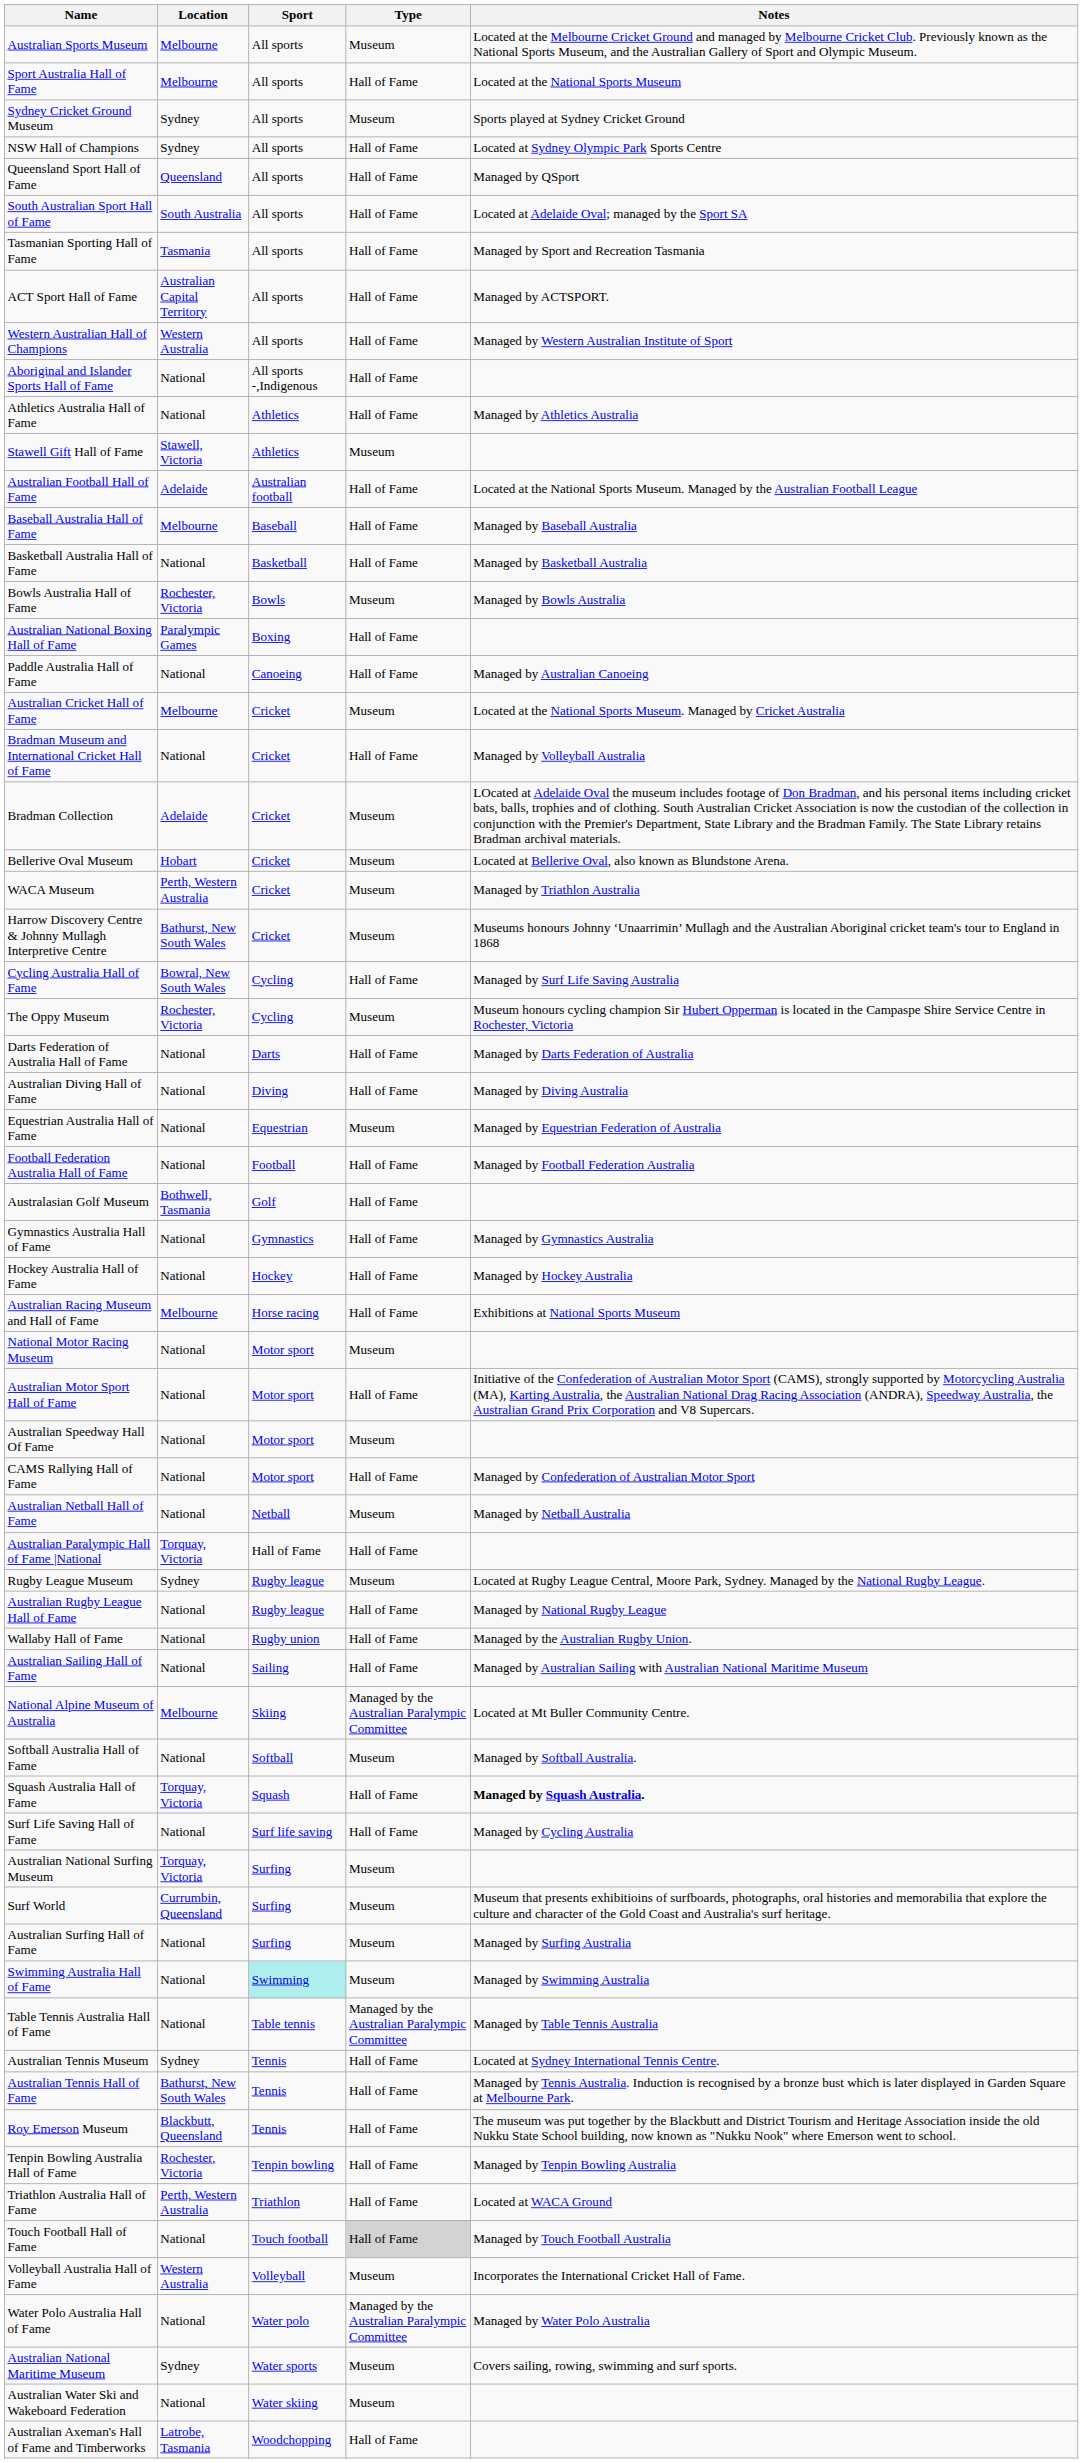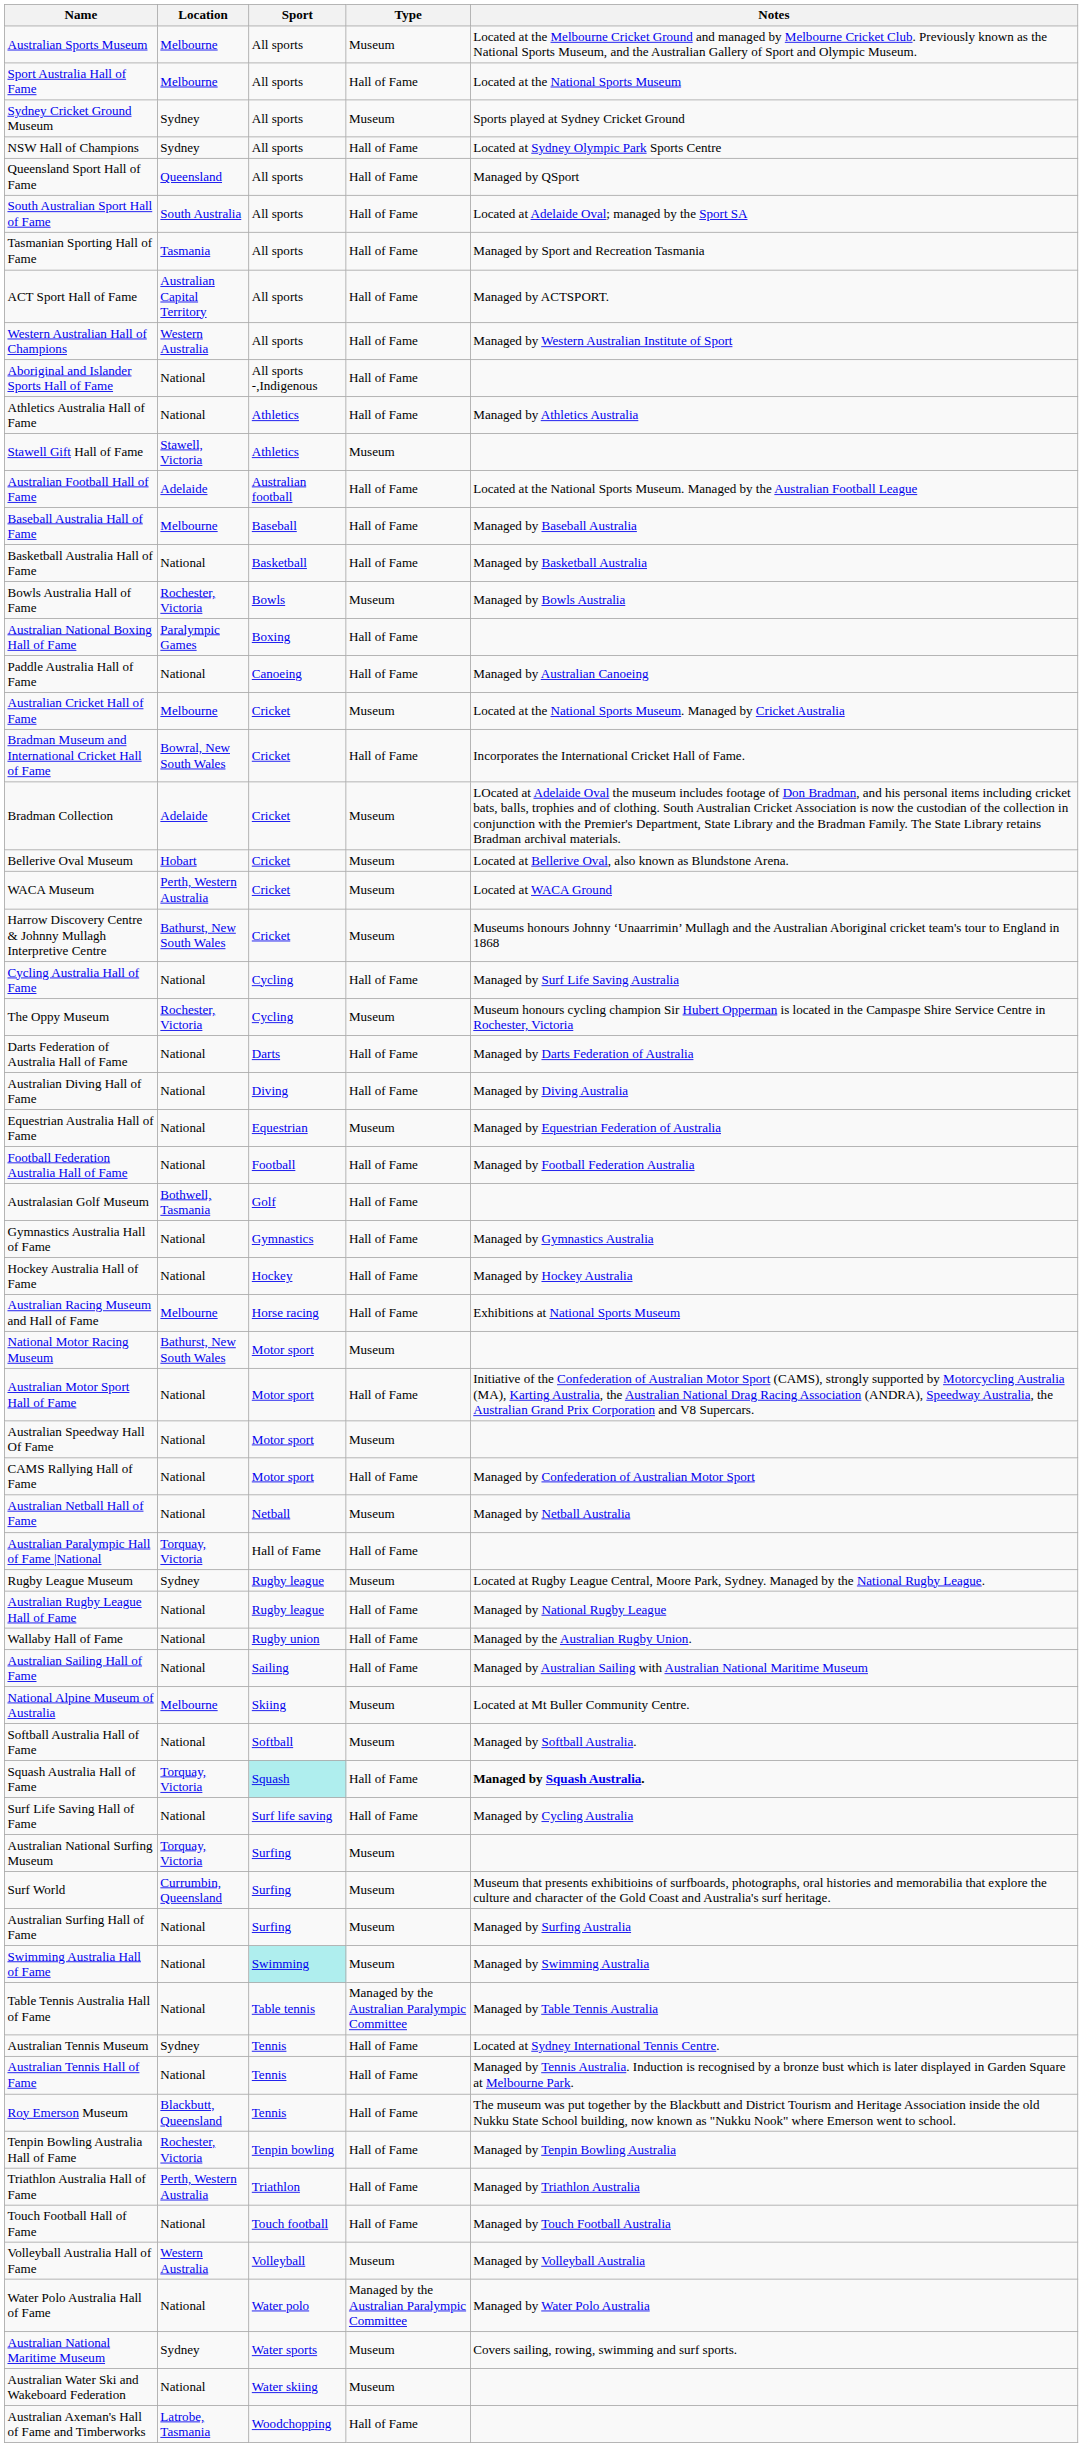 <table class="wikitable sortable" style="font-size:95%;">
 <tr>
 <th>Name</th>
 <th>Location</th>
 <th>Sport</th>
 <th>Type</th>
 <th>Notes</th>
 </tr>
 <tr>
 <td><a href='#'>Australian Sports Museum</a></td>
 <td><a href='#'>Melbourne</a></td>
 <td>All sports</td>
 <td>Museum</td>
 <td>Located at the <a href='#'>Melbourne Cricket Ground</a> and managed by <a href='#'>Melbourne Cricket Club</a>. Previously known as the National Sports Museum, and the Australian Gallery of Sport and Olympic Museum.</td>
 </tr>
 <tr>
 <td><a href='#'>Sport Australia Hall of Fame</a></td>
 <td><a href='#'>Melbourne</a></td>
 <td>All sports</td>
 <td>Hall of Fame</td>
 <td>Located at the <a href='#'>National Sports Museum</a></td>
 </tr>
 <tr>
 <td><a href='#'>Sydney Cricket Ground</a> Museum</td>
 <td>Sydney</td>
 <td>All sports</td>
 <td>Museum</td>
 <td>Sports played at Sydney Cricket Ground</td>
 </tr>
 <tr>
 <td>NSW Hall of Champions</td>
 <td>Sydney</td>
 <td>All sports</td>
 <td>Hall of Fame</td>
 <td>Located at <a href='#'>Sydney Olympic Park</a> Sports Centre</td>
 </tr>
 <tr>
 <td>Queensland Sport Hall of Fame</td>
 <td><a href='#'>Queensland</a></td>
 <td>All sports</td>
 <td>Hall of Fame</td>
 <td>Managed by QSport</td>
 </tr>
 <tr>
 <td><a href='#'>South Australian Sport Hall of Fame</a></td>
 <td><a href='#'>South Australia</a></td>
 <td>All sports</td>
 <td>Hall of Fame</td>
 <td>Located at <a href='#'>Adelaide Oval</a>; managed by the <a href='#'>Sport SA</a></td>
 </tr>
 <tr>
 <td>Tasmanian Sporting Hall of Fame</td>
 <td><a href='#'>Tasmania</a></td>
 <td>All sports</td>
 <td>Hall of Fame</td>
 <td>Managed by Sport and Recreation Tasmania</td>
 </tr>
 <tr>
 <td>ACT Sport Hall of Fame</td>
 <td><a href='#'>Australian Capital Territory</a></td>
 <td>All sports</td>
 <td>Hall of Fame</td>
 <td>Managed by ACTSPORT.</td>
 </tr>
 <tr>
 <td><a href='#'>Western Australian Hall of Champions</a></td>
 <td><a href='#'>Western Australia</a></td>
 <td>All sports</td>
 <td>Hall of Fame</td>
 <td>Managed by <a href='#'>Western Australian Institute of Sport</a></td>
 </tr>
 <tr>
 <td><a href='#'>Aboriginal and Islander Sports Hall of Fame</a></td>
 <td>National</td>
 <td>All sports -,Indigenous</td>
 <td>Hall of Fame</td>
 <td></td>
 </tr>
 <tr>
 <td>Athletics Australia Hall of Fame</td>
 <td>National</td>
 <td><a href='#'>Athletics</a></td>
 <td>Hall of Fame</td>
 <td>Managed by <a href='#'>Athletics Australia</a></td>
 </tr>
 <tr>
 <td><a href='#'>Stawell Gift</a> Hall of Fame</td>
 <td><a href='#'>Stawell, Victoria</a></td>
 <td><a href='#'>Athletics</a></td>
 <td>Museum</td>
 <td></td>
 </tr>
 <tr>
 <td><a href='#'>Australian Football Hall of Fame</a></td>
 <td><a href='#'>Adelaide</a></td>
 <td><a href='#'>Australian football</a></td>
 <td>Hall of Fame</td>
 <td>Located at the National Sports Museum. Managed by the <a href='#'>Australian Football League</a></td>
 </tr>
 <tr>
 <td><a href='#'>Baseball Australia Hall of Fame</a></td>
 <td><a href='#'>Melbourne</a></td>
 <td><a href='#'>Baseball</a></td>
 <td>Hall of Fame</td>
 <td>Managed by <a href='#'>Baseball Australia</a></td>
 </tr>
 <tr>
 <td>Basketball Australia Hall of Fame</td>
 <td>National</td>
 <td><a href='#'>Basketball</a></td>
 <td>Hall of Fame</td>
 <td>Managed by <a href='#'>Basketball Australia</a></td>
 </tr>
 <tr>
 <td>Bowls Australia Hall of Fame</td>
 <td><a href='#'>Rochester, Victoria</a></td>
 <td><a href='#'>Bowls</a></td>
 <td>Museum</td>
 <td>Managed by <a href='#'>Bowls Australia</a></td>
 </tr>
 <tr>
 <td><a href='#'>Australian National Boxing Hall of Fame</a></td>
 <td><a href='#'>Paralympic Games</a></td>
 <td><a href='#'>Boxing</a></td>
 <td>Hall of Fame</td>
 <td></td>
 </tr>
 <tr>
 <td>Paddle Australia Hall of Fame</td>
 <td>National</td>
 <td><a href='#'>Canoeing</a></td>
 <td>Hall of Fame</td>
 <td>Managed by <a href='#'>Australian Canoeing</a></td>
 </tr>
 <tr>
 <td><a href='#'>Australian Cricket Hall of Fame</a></td>
 <td><a href='#'>Melbourne</a></td>
 <td><a href='#'>Cricket</a></td>
 <td>Museum</td>
 <td>Located at the <a href='#'>National Sports Museum</a>. Managed by <a href='#'>Cricket Australia</a></td>
 </tr>
 <tr>
 <td><a href='#'>Bradman Museum and International Cricket Hall of Fame</a></td>
-<td>National</td>
+<td><a href='#'>Bowral, New South Wales</a></td>
 <td><a href='#'>Cricket</a></td>
 <td>Hall of Fame</td>
-<td>Managed by <a href='#'>Volleyball Australia</a></td>
+<td>Incorporates the International Cricket Hall of Fame.</td>
 </tr>
 <tr>
 <td>Bradman Collection</td>
 <td><a href='#'>Adelaide</a></td>
 <td><a href='#'>Cricket</a></td>
 <td>Museum</td>
 <td>LOcated at <a href='#'>Adelaide Oval</a> the museum includes footage of <a href='#'>Don Bradman</a>, and his personal items including cricket bats, balls, trophies and of clothing. South Australian Cricket Association is now the custodian of the collection in conjunction with the Premier's Department, State Library and the Bradman Family. The State Library retains Bradman archival materials.</td>
 </tr>
 <tr>
 <td>Bellerive Oval Museum</td>
 <td><a href='#'>Hobart</a></td>
 <td><a href='#'>Cricket</a></td>
 <td>Museum</td>
 <td>Located at <a href='#'>Bellerive Oval</a>, also known as Blundstone Arena.</td>
 </tr>
 <tr>
 <td>WACA Museum</td>
 <td><a href='#'>Perth, Western Australia</a></td>
 <td><a href='#'>Cricket</a></td>
 <td>Museum</td>
-<td>Managed by <a href='#'>Triathlon Australia</a></td>
+<td>Located at <a href='#'>WACA Ground</a></td>
 </tr>
 <tr>
 <td>Harrow Discovery Centre & Johnny Mullagh Interpretive Centre</td>
 <td><a href='#'>Bathurst, New South Wales</a></td>
 <td><a href='#'>Cricket</a></td>
 <td>Museum</td>
 <td>Museums honours Johnny ‘Unaarrimin’ Mullagh and the Australian Aboriginal cricket team's tour to England in 1868</td>
 </tr>
 <tr>
 <td><a href='#'>Cycling Australia Hall of Fame</a></td>
-<td><a href='#'>Bowral, New South Wales</a></td>
+<td>National</td>
 <td><a href='#'>Cycling</a></td>
 <td>Hall of Fame</td>
 <td>Managed by <a href='#'>Surf Life Saving Australia</a></td>
 </tr>
 <tr>
 <td>The Oppy Museum</td>
 <td><a href='#'>Rochester, Victoria</a></td>
 <td><a href='#'>Cycling</a></td>
 <td>Museum</td>
 <td>Museum honours cycling champion Sir <a href='#'>Hubert Opperman</a> is located in the Campaspe Shire Service Centre in <a href='#'>Rochester, Victoria</a></td>
 </tr>
 <tr>
 <td>Darts Federation of Australia Hall of Fame</td>
 <td>National</td>
 <td><a href='#'>Darts</a></td>
 <td>Hall of Fame</td>
 <td>Managed by <a href='#'>Darts Federation of Australia</a></td>
 </tr>
 <tr>
 <td>Australian Diving Hall of Fame</td>
 <td>National</td>
 <td><a href='#'>Diving</a></td>
 <td>Hall of Fame</td>
 <td>Managed by <a href='#'>Diving Australia</a></td>
 </tr>
 <tr>
 <td>Equestrian Australia Hall of Fame</td>
 <td>National</td>
 <td><a href='#'>Equestrian</a></td>
 <td>Museum</td>
 <td>Managed by <a href='#'>Equestrian Federation of Australia</a></td>
 </tr>
 <tr>
 <td><a href='#'>Football Federation Australia Hall of Fame</a></td>
 <td>National</td>
 <td><a href='#'>Football</a></td>
 <td>Hall of Fame</td>
 <td>Managed by <a href='#'>Football Federation Australia</a></td>
 </tr>
 <tr>
 <td>Australasian Golf Museum</td>
 <td><a href='#'>Bothwell, Tasmania</a></td>
 <td><a href='#'>Golf</a></td>
 <td>Hall of Fame</td>
 <td></td>
 </tr>
 <tr>
 <td>Gymnastics Australia Hall of Fame</td>
 <td>National</td>
 <td><a href='#'>Gymnastics</a></td>
 <td>Hall of Fame</td>
 <td>Managed by <a href='#'>Gymnastics Australia</a></td>
 </tr>
 <tr>
 <td>Hockey Australia Hall of Fame</td>
 <td>National</td>
 <td><a href='#'>Hockey</a></td>
 <td>Hall of Fame</td>
 <td>Managed by <a href='#'>Hockey Australia</a></td>
 </tr>
 <tr>
 <td><a href='#'>Australian Racing Museum</a> and Hall of Fame</td>
 <td><a href='#'>Melbourne</a></td>
 <td><a href='#'>Horse racing</a></td>
 <td>Hall of Fame</td>
 <td>Exhibitions at <a href='#'>National Sports Museum</a></td>
 </tr>
 <tr>
 <td><a href='#'>National Motor Racing Museum</a></td>
-<td>National</td>
+<td><a href='#'>Bathurst, New South Wales</a></td>
 <td><a href='#'>Motor sport</a></td>
 <td>Museum</td>
 <td></td>
 </tr>
 <tr>
 <td><a href='#'>Australian Motor Sport Hall of Fame</a></td>
 <td>National</td>
 <td><a href='#'>Motor sport</a></td>
 <td>Hall of Fame</td>
 <td>Initiative of the <a href='#'>Confederation of Australian Motor Sport</a> (CAMS), strongly supported by <a href='#'>Motorcycling Australia</a> (MA), <a href='#'>Karting Australia</a>, the <a href='#'>Australian National Drag Racing Association</a> (ANDRA), <a href='#'>Speedway Australia</a>, the <a href='#'>Australian Grand Prix Corporation</a> and V8 Supercars.</td>
 </tr>
 <tr>
 <td>Australian Speedway Hall Of Fame</td>
 <td>National</td>
 <td><a href='#'>Motor sport</a></td>
 <td>Museum</td>
 <td></td>
 </tr>
 <tr>
 <td>CAMS Rallying Hall of Fame</td>
 <td>National</td>
 <td><a href='#'>Motor sport</a></td>
 <td>Hall of Fame</td>
 <td>Managed by <a href='#'>Confederation of Australian Motor Sport</a></td>
 </tr>
 <tr>
 <td><a href='#'>Australian Netball Hall of Fame</a></td>
 <td>National</td>
 <td><a href='#'>Netball</a></td>
 <td>Museum</td>
 <td>Managed by <a href='#'>Netball Australia</a></td>
 </tr>
 <tr>
 <td><a href='#'>Australian Paralympic Hall of Fame |National</a></td>
 <td><a href='#'>Torquay, Victoria</a></td>
 <td>Hall of Fame</td>
 <td>Hall of Fame</td>
 </tr>
 <tr>
 <td>Rugby League Museum</td>
 <td>Sydney</td>
 <td><a href='#'>Rugby league</a></td>
 <td>Museum</td>
 <td>Located at Rugby League Central, Moore Park, Sydney. Managed by the <a href='#'>National Rugby League</a>.</td>
 </tr>
 <tr>
 <td><a href='#'>Australian Rugby League Hall of Fame</a></td>
 <td>National</td>
 <td><a href='#'>Rugby league</a></td>
 <td>Hall of Fame</td>
 <td>Managed by <a href='#'>National Rugby League</a></td>
 </tr>
 <tr>
 <td>Wallaby Hall of Fame</td>
 <td>National</td>
 <td><a href='#'>Rugby union</a></td>
 <td>Hall of Fame</td>
 <td>Managed by the <a href='#'>Australian Rugby Union</a>.</td>
 </tr>
 <tr>
 <td><a href='#'>Australian Sailing Hall of Fame</a></td>
 <td>National</td>
 <td><a href='#'>Sailing</a></td>
 <td>Hall of Fame</td>
 <td>Managed by <a href='#'>Australian Sailing</a> with <a href='#'>Australian National Maritime Museum</a></td>
 </tr>
 <tr>
 <td><a href='#'>National Alpine Museum of Australia</a></td>
 <td><a href='#'>Melbourne</a></td>
 <td><a href='#'>Skiing</a></td>
-<td>Managed by the <a href='#'>Australian Paralympic Committee</a></td>
+<td>Museum</td>
 <td>Located at Mt Buller Community Centre.</td>
 </tr>
 <tr>
 <td>Softball Australia Hall of Fame</td>
 <td>National</td>
 <td><a href='#'>Softball</a></td>
 <td>Museum</td>
 <td>Managed by <a href='#'>Softball Australia</a>.</td>
 </tr>
 <tr>
 <td>Squash Australia Hall of Fame</td>
 <td><a href='#'>Torquay, Victoria</a></td>
-<td><a href='#'>Squash</a></td>
+<td style="background: paleturquoise;"><a href='#'>Squash</a></td>
 <td>Hall of Fame</td>
 <td><strong>Managed by <a href='#'>Squash Australia</a>.</strong></td>
 </tr>
 <tr>
 <td>Surf Life Saving Hall of Fame</td>
 <td>National</td>
 <td><a href='#'>Surf life saving</a></td>
 <td>Hall of Fame</td>
 <td>Managed by <a href='#'>Cycling Australia</a></td>
 </tr>
 <tr>
 <td>Australian National Surfing Museum</td>
 <td><a href='#'>Torquay, Victoria</a></td>
 <td><a href='#'>Surfing</a></td>
 <td>Museum</td>
 <td></td>
 </tr>
 <tr>
 <td>Surf World</td>
 <td><a href='#'>Currumbin, Queensland</a></td>
 <td><a href='#'>Surfing</a></td>
 <td>Museum</td>
 <td>Museum that presents exhibitioins of surfboards, photographs, oral histories and memorabilia that explore the culture and character of the Gold Coast and Australia's surf heritage.</td>
 </tr>
 <tr>
 <td>Australian Surfing Hall of Fame</td>
 <td>National</td>
 <td><a href='#'>Surfing</a></td>
 <td>Museum</td>
 <td>Managed by <a href='#'>Surfing Australia</a></td>
 </tr>
 <tr>
 <td><a href='#'>Swimming Australia Hall of Fame</a></td>
 <td>National</td>
 <td style="background: paleturquoise;"><a href='#'>Swimming</a></td>
 <td>Museum</td>
 <td>Managed by <a href='#'>Swimming Australia</a></td>
 </tr>
 <tr>
 <td>Table Tennis Australia Hall of Fame</td>
 <td>National</td>
 <td><a href='#'>Table tennis</a></td>
 <td>Managed by the <a href='#'>Australian Paralympic Committee</a></td>
 <td>Managed by <a href='#'>Table Tennis Australia</a></td>
 </tr>
 <tr>
 <td>Australian Tennis Museum</td>
 <td>Sydney</td>
 <td><a href='#'>Tennis</a></td>
 <td>Hall of Fame</td>
 <td>Located at <a href='#'>Sydney International Tennis Centre</a>.</td>
 </tr>
 <tr>
 <td><a href='#'>Australian Tennis Hall of Fame</a></td>
-<td><a href='#'>Bathurst, New South Wales</a></td>
+<td>National</td>
 <td><a href='#'>Tennis</a></td>
 <td>Hall of Fame</td>
 <td>Managed by <a href='#'>Tennis Australia</a>.  Induction is recognised by a bronze bust which is later displayed in Garden Square at <a href='#'>Melbourne Park</a>.</td>
 </tr>
 <tr>
 <td><a href='#'>Roy Emerson</a> Museum</td>
 <td><a href='#'>Blackbutt, Queensland</a></td>
 <td><a href='#'>Tennis</a></td>
 <td>Hall of Fame</td>
 <td>The museum was put together by the Blackbutt and District Tourism and Heritage Association inside the old Nukku State School building, now known as "Nukku Nook" where Emerson went to school.</td>
 </tr>
 <tr>
 <td>Tenpin Bowling Australia Hall of Fame</td>
 <td><a href='#'>Rochester, Victoria</a></td>
 <td><a href='#'>Tenpin bowling</a></td>
 <td>Hall of Fame</td>
 <td>Managed by <a href='#'>Tenpin Bowling Australia</a></td>
 </tr>
 <tr>
 <td>Triathlon Australia Hall of Fame</td>
 <td><a href='#'>Perth, Western Australia</a></td>
 <td><a href='#'>Triathlon</a></td>
 <td>Hall of Fame</td>
-<td>Located at <a href='#'>WACA Ground</a></td>
+<td>Managed by <a href='#'>Triathlon Australia</a></td>
 </tr>
 <tr>
 <td>Touch Football Hall of Fame</td>
 <td>National</td>
 <td><a href='#'>Touch football</a></td>
-<td style="background: lightgrey;">Hall of Fame</td>
+<td>Hall of Fame</td>
 <td>Managed by <a href='#'>Touch Football Australia</a></td>
 </tr>
 <tr>
 <td>Volleyball Australia Hall of Fame</td>
 <td><a href='#'>Western Australia</a></td>
 <td><a href='#'>Volleyball</a></td>
 <td>Museum</td>
-<td>Incorporates the International Cricket Hall of Fame.</td>
+<td>Managed by <a href='#'>Volleyball Australia</a></td>
 </tr>
 <tr>
 <td>Water Polo Australia Hall of Fame</td>
 <td>National</td>
 <td><a href='#'>Water polo</a></td>
 <td>Managed by the <a href='#'>Australian Paralympic Committee</a></td>
 <td>Managed by <a href='#'>Water Polo Australia</a></td>
 </tr>
 <tr>
 <td><a href='#'>Australian National Maritime Museum</a></td>
 <td>Sydney</td>
 <td><a href='#'>Water sports</a></td>
 <td>Museum</td>
 <td>Covers sailing, rowing, swimming and surf sports.</td>
 </tr>
 <tr>
 <td>Australian Water Ski and Wakeboard Federation</td>
 <td>National</td>
 <td><a href='#'>Water skiing</a></td>
 <td>Museum</td>
 <td></td>
 </tr>
 <tr>
 <td>Australian Axeman's Hall of Fame and Timberworks</td>
 <td><a href='#'>Latrobe, Tasmania</a></td>
 <td><a href='#'>Woodchopping</a></td>
 <td>Hall of Fame</td>
 <td></td>
 </tr>
 </table>
